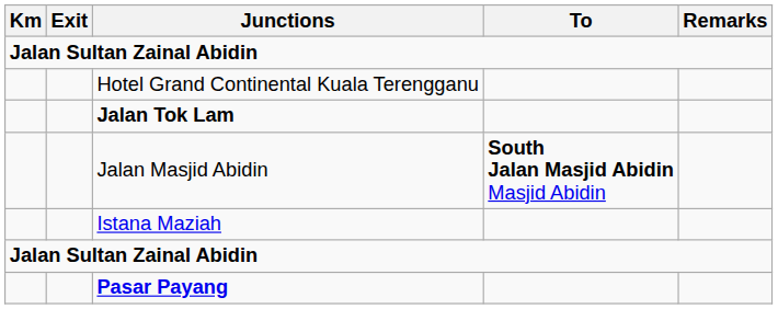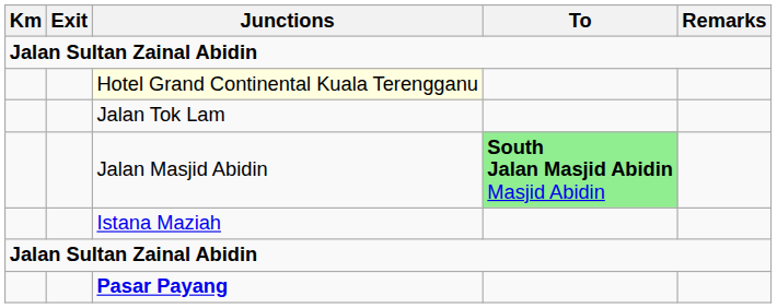 <table class="wikitable">
 <tr>
 <th>Km</th>
 <th>Exit</th>
 <th>Junctions</th>
 <th>To</th>
 <th>Remarks</th>
 </tr>
 <tr>
 <td style="width:600px" colspan="6" style="text-align:center; background:blue;"><strong><span> Jalan Sultan Zainal Abidin</span></strong></td>
 </tr>
 <tr>
 <td></td>
 <td></td>
-<td>Hotel Grand Continental Kuala Terengganu</td>
+<td style="background: lightyellow;">Hotel Grand Continental Kuala Terengganu</td>
 <td></td>
 <td></td>
 </tr>
 <tr>
 <td></td>
 <td></td>
-<td><strong>Jalan Tok Lam</strong></td>
+<td>Jalan Tok Lam</td>
 <td></td>
 <td></td>
 </tr>
 <tr>
 <td></td>
 <td></td>
 <td>Jalan Masjid Abidin</td>
-<td><strong>South</strong><br><strong>Jalan Masjid Abidin</strong><br><a href='#'>Masjid Abidin</a> </td>
+<td style="background: lightgreen;"><strong>South</strong><br><strong>Jalan Masjid Abidin</strong><br><a href='#'>Masjid Abidin</a> </td>
 <td></td>
 </tr>
 <tr>
 <td></td>
 <td></td>
 <td><a href='#'>Istana Maziah</a></td>
 <td></td>
 <td></td>
 </tr>
 <tr>
 <td style="width:600px" colspan="6" style="text-align:center; background:blue;"><strong><span> Jalan Sultan Zainal Abidin</span></strong></td>
 </tr>
 <tr>
 <td></td>
 <td></td>
 <td><strong><a href='#'>Pasar Payang</a></strong></td>
 <td></td>
 <td></td>
 </tr>
 </table>
